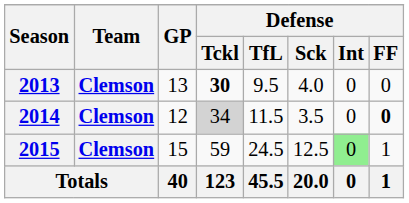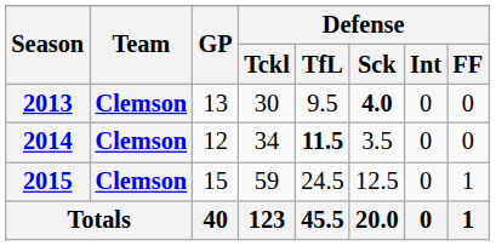 <table class="wikitable" style="text-align:center;">
 <tr>
 </tr>
 <tr>
 <th rowspan="2">Season</th>
 <th rowspan="2">Team</th>
 <th rowspan="2">GP</th>
 <th colspan="5">Defense</th>
 </tr>
 <tr>
 <th>Tckl</th>
 <th>TfL</th>
 <th>Sck</th>
 <th>Int</th>
 <th>FF</th>
 </tr>
 <tr>
 <th><a href='#'>2013</a></th>
 <th><a href='#'>Clemson</a></th>
 <td>13</td>
-<td><strong>30</strong></td>
+<td>30</td>
 <td>9.5</td>
-<td>4.0</td>
+<td><strong>4.0</strong></td>
 <td>0</td>
 <td>0</td>
 </tr>
 <tr>
 <th><a href='#'>2014</a></th>
 <th><a href='#'>Clemson</a></th>
 <td>12</td>
-<td style="background: lightgrey;">34</td>
-<td>11.5</td>
+<td>34</td>
+<td><strong>11.5</strong></td>
 <td>3.5</td>
 <td>0</td>
-<td><strong>0</strong></td>
+<td>0</td>
 </tr>
 <tr>
 <th><a href='#'>2015</a></th>
 <th><a href='#'>Clemson</a></th>
 <td>15</td>
 <td>59</td>
 <td>24.5</td>
 <td>12.5</td>
-<td style="background: lightgreen;">0</td>
+<td>0</td>
 <td>1</td>
 </tr>
 <tr>
 <th colspan="2">Totals</th>
 <th>40</th>
 <th>123</th>
 <th>45.5</th>
 <th>20.0</th>
 <th>0</th>
 <th>1</th>
 </tr>
 </table>
